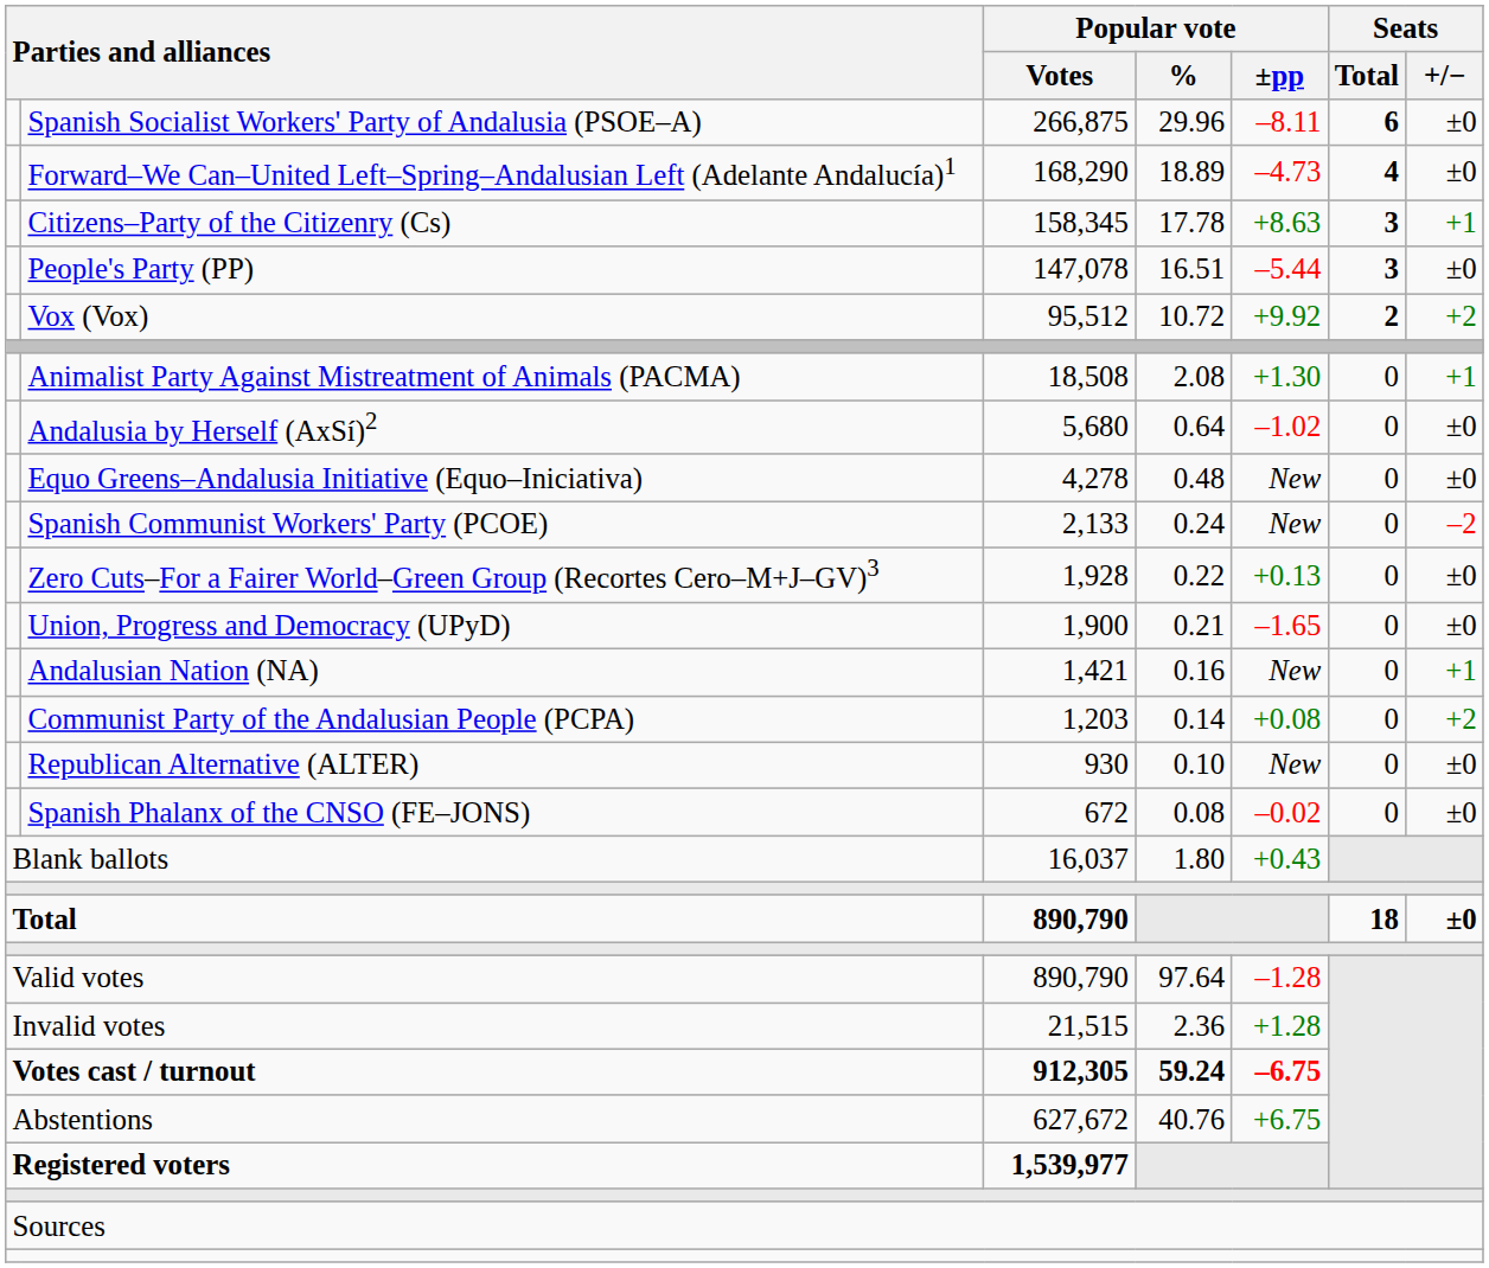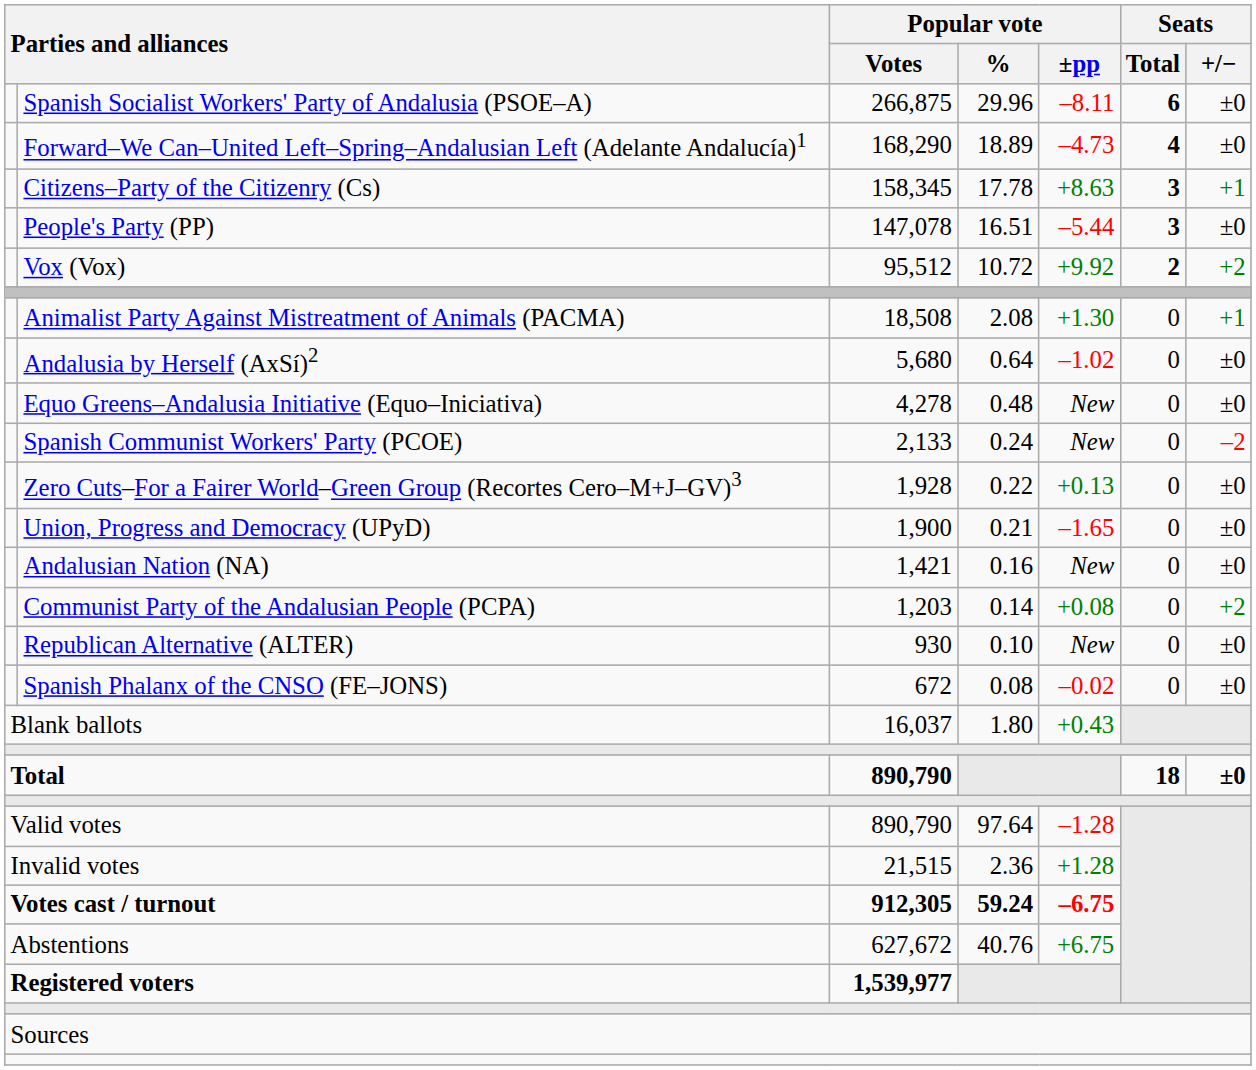 <table class="wikitable" style="text-align:right;">
 <tr>
 <th style="text-align:left;" rowspan="2" colspan="2" width="525">Parties and alliances</th>
 <th colspan="3">Popular vote</th>
 <th colspan="2">Seats</th>
 </tr>
 <tr>
 <th width="75">Votes</th>
 <th width="45">%</th>
 <th width="45">±<a href='#'>pp</a></th>
 <th width="35">Total</th>
 <th width="35">+/−</th>
 </tr>
 <tr>
 <td width="1" style="color:inherit;background:"></td>
 <td align="left"><a href='#'>Spanish Socialist Workers' Party of Andalusia</a> (PSOE–A)</td>
 <td>266,875</td>
 <td>29.96</td>
 <td style="color:red;">–8.11</td>
 <td><strong>6</strong></td>
 <td>±0</td>
 </tr>
 <tr>
 <td style="color:inherit;background:"></td>
 <td align="left"><a href='#'>Forward–We Can–United Left–Spring–Andalusian Left</a> (Adelante Andalucía)<sup>1</sup></td>
 <td>168,290</td>
 <td>18.89</td>
 <td style="color:red;">–4.73</td>
 <td><strong>4</strong></td>
 <td>±0</td>
 </tr>
 <tr>
 <td style="color:inherit;background:"></td>
 <td align="left"><a href='#'>Citizens–Party of the Citizenry</a> (Cs)</td>
 <td>158,345</td>
 <td>17.78</td>
 <td style="color:green;">+8.63</td>
 <td><strong>3</strong></td>
 <td style="color:green;">+1</td>
 </tr>
 <tr>
 <td style="color:inherit;background:"></td>
 <td align="left"><a href='#'>People's Party</a> (PP)</td>
 <td>147,078</td>
 <td>16.51</td>
 <td style="color:red;">–5.44</td>
 <td><strong>3</strong></td>
 <td>±0</td>
 </tr>
 <tr>
 <td style="color:inherit;background:"></td>
 <td align="left"><a href='#'>Vox</a> (Vox)</td>
 <td>95,512</td>
 <td>10.72</td>
 <td style="color:green;">+9.92</td>
 <td><strong>2</strong></td>
 <td style="color:green;">+2</td>
 </tr>
 <tr>
 <td colspan="7" bgcolor="#C0C0C0"></td>
 </tr>
 <tr>
 <td style="color:inherit;background:"></td>
 <td align="left"><a href='#'>Animalist Party Against Mistreatment of Animals</a> (PACMA)</td>
 <td>18,508</td>
 <td>2.08</td>
 <td style="color:green;">+1.30</td>
 <td>0</td>
 <td style="color:green;">+1</td>
 </tr>
 <tr>
 <td style="color:inherit;background:"></td>
 <td align="left"><a href='#'>Andalusia by Herself</a> (AxSí)<sup>2</sup></td>
 <td>5,680</td>
 <td>0.64</td>
 <td style="color:red;">–1.02</td>
 <td>0</td>
 <td>±0</td>
 </tr>
 <tr>
 <td style="color:inherit;background:"></td>
 <td align="left"><a href='#'>Equo Greens–Andalusia Initiative</a> (Equo–Iniciativa)</td>
 <td>4,278</td>
 <td>0.48</td>
 <td><em>New</em></td>
 <td>0</td>
 <td>±0</td>
 </tr>
 <tr>
 <td style="color:inherit;background:"></td>
 <td align="left"><a href='#'>Spanish Communist Workers' Party</a> (PCOE)</td>
 <td>2,133</td>
 <td>0.24</td>
 <td><em>New</em></td>
 <td>0</td>
 <td style="color:red;">–2</td>
 </tr>
 <tr>
 <td style="color:inherit;background:"></td>
 <td align="left"><a href='#'>Zero Cuts</a>–<a href='#'>For a Fairer World</a>–<a href='#'>Green Group</a> (Recortes Cero–M+J–GV)<sup>3</sup></td>
 <td>1,928</td>
 <td>0.22</td>
 <td style="color:green;">+0.13</td>
 <td>0</td>
 <td>±0</td>
 </tr>
 <tr>
 <td style="color:inherit;background:"></td>
 <td align="left"><a href='#'>Union, Progress and Democracy</a> (UPyD)</td>
 <td>1,900</td>
 <td>0.21</td>
 <td style="color:red;">–1.65</td>
 <td>0</td>
 <td>±0</td>
 </tr>
 <tr>
 <td style="color:inherit;background:"></td>
 <td align="left"><a href='#'>Andalusian Nation</a> (NA)</td>
 <td>1,421</td>
 <td>0.16</td>
 <td><em>New</em></td>
 <td>0</td>
-<td style="color:green;">+1</td>
+<td>±0</td>
 </tr>
 <tr>
 <td style="color:inherit;background:"></td>
 <td align="left"><a href='#'>Communist Party of the Andalusian People</a> (PCPA)</td>
 <td>1,203</td>
 <td>0.14</td>
 <td style="color:green;">+0.08</td>
 <td>0</td>
 <td style="color:green;">+2</td>
 </tr>
 <tr>
 <td style="color:inherit;background:"></td>
 <td align="left"><a href='#'>Republican Alternative</a> (ALTER)</td>
 <td>930</td>
 <td>0.10</td>
 <td><em>New</em></td>
 <td>0</td>
 <td>±0</td>
 </tr>
 <tr>
 <td style="color:inherit;background:"></td>
 <td align="left"><a href='#'>Spanish Phalanx of the CNSO</a> (FE–JONS)</td>
 <td>672</td>
 <td>0.08</td>
 <td style="color:red;">–0.02</td>
 <td>0</td>
 <td>±0</td>
 </tr>
 <tr>
 <td align="left" colspan="2">Blank ballots</td>
 <td>16,037</td>
 <td>1.80</td>
 <td style="color:green;">+0.43</td>
 <td bgcolor="#E9E9E9" colspan="2"></td>
 </tr>
 <tr>
 <td colspan="7" bgcolor="#E9E9E9"></td>
 </tr>
 <tr style="font-weight:bold;">
 <td align="left" colspan="2">Total</td>
 <td>890,790</td>
 <td bgcolor="#E9E9E9" colspan="2"></td>
 <td>18</td>
 <td>±0</td>
 </tr>
 <tr>
 <td colspan="7" bgcolor="#E9E9E9"></td>
 </tr>
 <tr>
 <td align="left" colspan="2">Valid votes</td>
 <td>890,790</td>
 <td>97.64</td>
 <td style="color:red;">–1.28</td>
 <td bgcolor="#E9E9E9" colspan="2" rowspan="5"></td>
 </tr>
 <tr>
 <td align="left" colspan="2">Invalid votes</td>
 <td>21,515</td>
 <td>2.36</td>
 <td style="color:green;">+1.28</td>
 </tr>
 <tr style="font-weight:bold;">
 <td align="left" colspan="2">Votes cast / turnout</td>
 <td>912,305</td>
 <td>59.24</td>
 <td style="color:red;">–6.75</td>
 </tr>
 <tr>
 <td align="left" colspan="2">Abstentions</td>
 <td>627,672</td>
 <td>40.76</td>
 <td style="color:green;">+6.75</td>
 </tr>
 <tr style="font-weight:bold;">
 <td align="left" colspan="2">Registered voters</td>
 <td>1,539,977</td>
 <td bgcolor="#E9E9E9" colspan="2"></td>
 </tr>
 <tr>
 <td colspan="7" bgcolor="#E9E9E9"></td>
 </tr>
 <tr>
 <td align="left" colspan="7">Sources</td>
 </tr>
 <tr>
 <td colspan="7" style="text-align:left; max-width:790px;"></td>
 </tr>
 </table>
